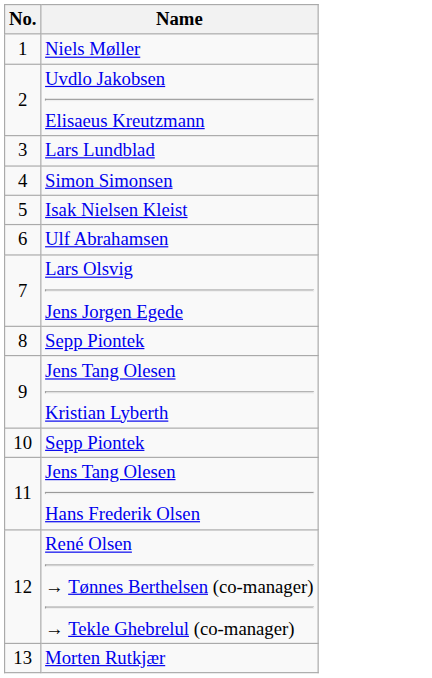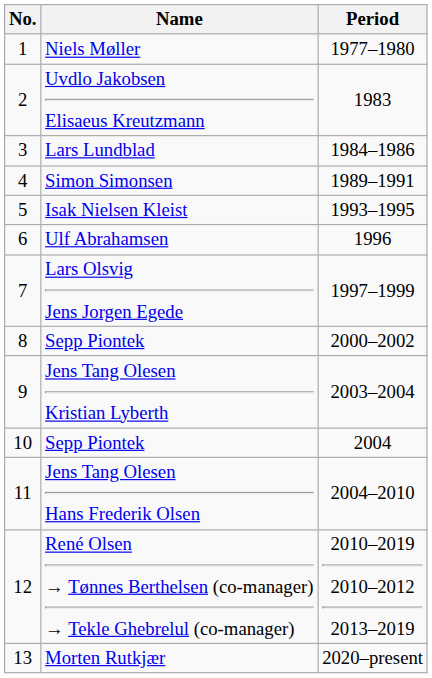 <table class="wikitable">
 <tr>
 <th>No.</th>
 <th>Name</th>
+<th>Period</th>
 </tr>
 <tr>
 <td align="center">1</td>
 <td> <a href='#'>Niels Møller</a></td>
+<td align="center">1977–1980</td>
 </tr>
 <tr>
 <td align="center">2</td>
 <td> <a href='#'>Uvdlo Jakobsen</a><hr> <a href='#'>Elisaeus Kreutzmann</a></td>
+<td align="center">1983</td>
 </tr>
 <tr>
 <td align="center">3</td>
 <td> <a href='#'>Lars Lundblad</a></td>
+<td align="center">1984–1986</td>
 </tr>
 <tr>
 <td align="center">4</td>
 <td> <a href='#'>Simon Simonsen</a></td>
+<td align="center">1989–1991</td>
 </tr>
 <tr>
 <td align="center">5</td>
 <td> <a href='#'>Isak Nielsen Kleist</a></td>
+<td align="center">1993–1995</td>
 </tr>
 <tr>
 <td align="center">6</td>
 <td> <a href='#'>Ulf Abrahamsen</a></td>
+<td align="center">1996</td>
 </tr>
 <tr>
 <td align="center">7</td>
 <td> <a href='#'>Lars Olsvig</a><hr> <a href='#'>Jens Jorgen Egede</a></td>
+<td align="center">1997–1999</td>
 </tr>
 <tr>
 <td align="center">8</td>
 <td> <a href='#'>Sepp Piontek</a></td>
+<td align="center">2000–2002</td>
 </tr>
 <tr>
 <td align="center">9</td>
 <td> <a href='#'>Jens Tang Olesen</a><hr> <a href='#'>Kristian Lyberth</a></td>
+<td align="center">2003–2004</td>
 </tr>
 <tr>
 <td align="center">10</td>
 <td> <a href='#'>Sepp Piontek</a></td>
+<td align="center">2004</td>
 </tr>
 <tr>
 <td align="center">11</td>
 <td> <a href='#'>Jens Tang Olesen</a><hr> <a href='#'>Hans Frederik Olsen</a></td>
+<td align="center">2004–2010</td>
 </tr>
 <tr>
 <td align="center">12</td>
 <td> <a href='#'>René Olsen</a><hr>→  <a href='#'>Tønnes Berthelsen</a> (co-manager)<hr>→  <a href='#'>Tekle Ghebrelul</a> (co-manager)</td>
+<td align="center">2010–2019<hr>2010–2012<hr>2013–2019</td>
 </tr>
 <tr>
 <td align="center">13</td>
 <td> <a href='#'>Morten Rutkjær</a></td>
+<td align="center">2020–present</td>
 </tr>
 </table>
